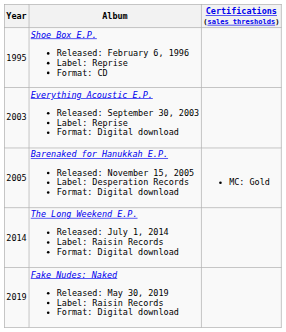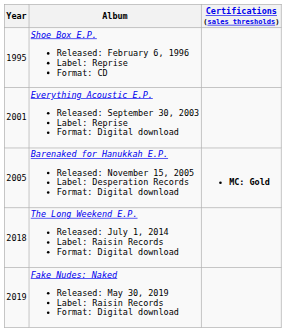 <table class="wikitable">
 <tr>
 <th>Year</th>
 <th>Album</th>
 <th><a href='#'>Certifications</a><br><small>(<a href='#'>sales thresholds</a>)</small></th>
 </tr>
 <tr>
 <td>1995</td>
 <td><em><a href='#'>Shoe Box E.P.</a></em><br><ul><li>Released: February 6, 1996</li><li>Label: Reprise</li><li>Format: CD</li></ul></td>
 <td></td>
 </tr>
 <tr>
-<td>2003</td>
+<td>2001</td>
 <td><em><a href='#'>Everything Acoustic E.P.</a></em><br><ul><li>Released: September 30, 2003</li><li>Label: Reprise</li><li>Format: Digital download</li></ul></td>
 <td></td>
 </tr>
 <tr>
 <td>2005</td>
 <td><em><a href='#'>Barenaked for Hanukkah E.P.</a></em><br><ul><li>Released: November 15, 2005</li><li>Label: Desperation Records</li><li>Format: Digital download</li></ul></td>
-<td><br><ul><li>MC: Gold</li></ul></td>
+<td><strong><br><ul><li>MC: Gold</li></ul></strong></td>
 </tr>
 <tr>
-<td>2014</td>
+<td>2018</td>
 <td><em><a href='#'>The Long Weekend E.P.</a></em><br><ul><li>Released: July 1, 2014</li><li>Label: Raisin Records</li><li>Format: Digital download</li></ul></td>
 <td></td>
 </tr>
 <tr>
 <td>2019</td>
 <td><em><a href='#'>Fake Nudes: Naked</a></em><br><ul><li>Released: May 30, 2019</li><li>Label: Raisin Records</li><li>Format: Digital download</li></ul></td>
 <td></td>
 </tr>
 </table>
